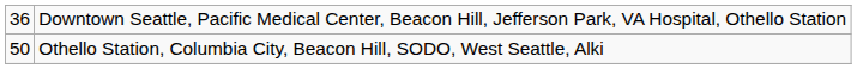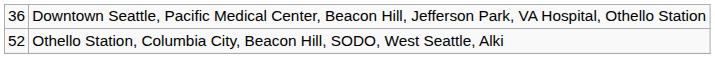 <table class="wikitable">
 <tr>
 <td>36</td>
 <td>Downtown Seattle, Pacific Medical Center, Beacon Hill, Jefferson Park, VA Hospital, Othello Station</td>
 </tr>
 <tr>
-<td>50</td>
+<td>52</td>
 <td>Othello Station, Columbia City, Beacon Hill, SODO, West Seattle, Alki</td>
 </tr>
 <tr>
 </tr>
 </table>
